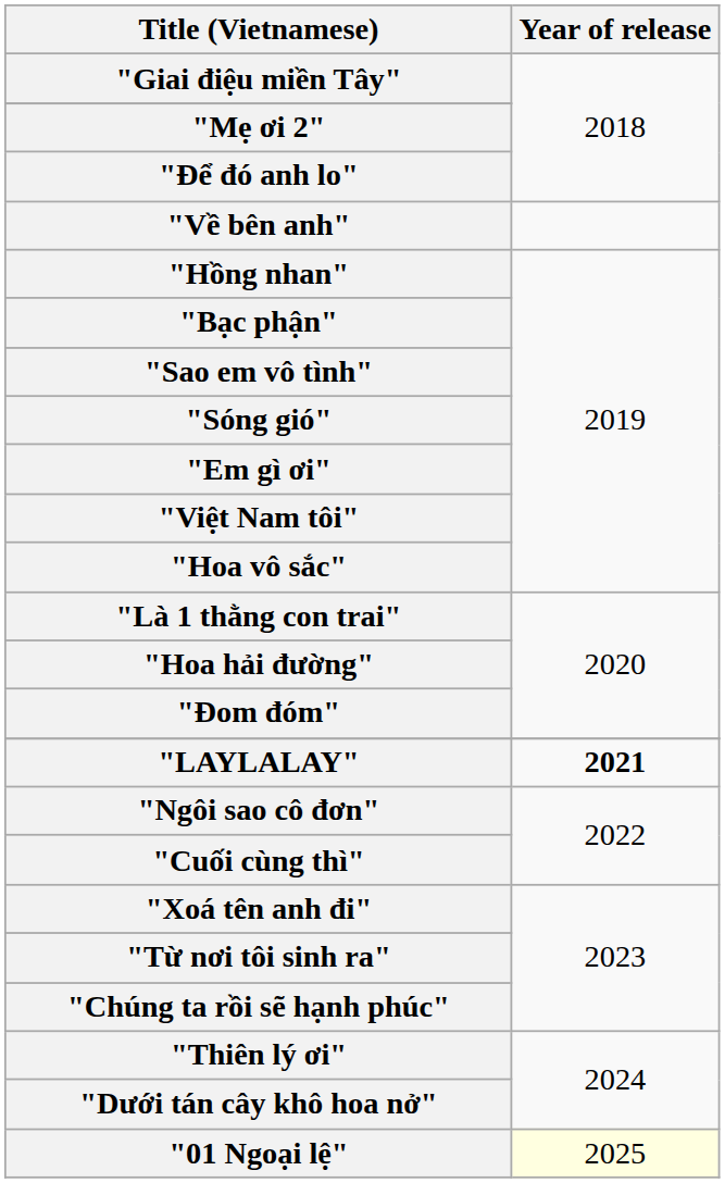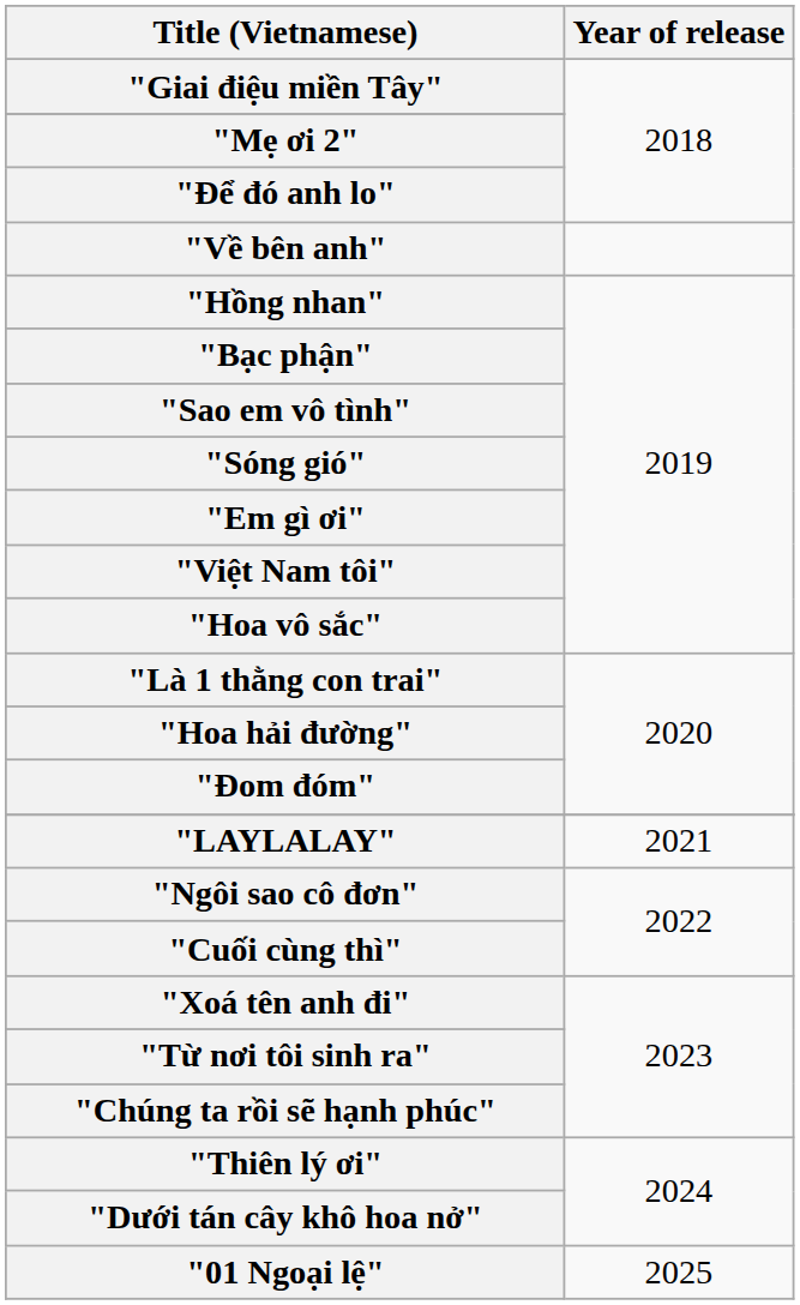 <table class="wikitable plainrowheaders" style="text-align:center;">
 <tr>
 <th scope="col" style="width:16em;">Title (Vietnamese)</th>
 <th scope="col">Year of release</th>
 </tr>
 <tr>
 <th scope="row">"Giai điệu miền Tây"</th>
 <td rowspan="4">2018</td>
 </tr>
 <tr>
 </tr>
 <tr>
 <th scope="row">"Mẹ ơi 2"</th>
 </tr>
 <tr>
 <th scope="row">"Để đó anh lo"</th>
 </tr>
 <tr>
 <th scope="row">"Về bên anh"</th>
 </tr>
 <tr>
 <th scope="row">"Hồng nhan"</th>
 <td rowspan="7">2019</td>
 </tr>
 <tr>
 <th scope="row">"Bạc phận"</th>
 </tr>
 <tr>
 <th scope="row">"Sao em vô tình"</th>
 </tr>
 <tr>
 <th scope="row">"Sóng gió"</th>
 </tr>
 <tr>
 <th scope="row">"Em gì ơi"</th>
 </tr>
 <tr>
 <th scope="row">"Việt Nam tôi"</th>
 </tr>
 <tr>
 <th scope="row">"Hoa vô sắc"</th>
 </tr>
 <tr>
 <th scope="row">"Là 1 thằng con trai"</th>
 <td rowspan="3">2020</td>
 </tr>
 <tr>
 <th scope="row">"Hoa hải đường"</th>
 </tr>
 <tr>
 <th scope="row">"Đom đóm"</th>
 </tr>
 <tr>
 </tr>
 <tr>
 <th scope="row">"LAYLALAY"</th>
-<td rowspan="1"><strong>2021</strong></td>
+<td rowspan="1">2021</td>
 </tr>
 <tr>
 <th scope="row">"Ngôi sao cô đơn"</th>
 <td rowspan="2">2022</td>
 </tr>
 <tr>
 <th scope="row">"Cuối cùng thì"</th>
 </tr>
 <tr>
 <th scope="row">"Xoá tên anh đi"</th>
 <td rowspan="3">2023</td>
 </tr>
 <tr>
 <th scope="row">"Từ nơi tôi sinh ra"</th>
 </tr>
 <tr>
 <th scope="row">"Chúng ta rồi sẽ hạnh phúc"</th>
 </tr>
 <tr>
 <th scope="row">"Thiên lý ơi"</th>
 <td rowspan="2">2024</td>
 </tr>
 <tr>
 <th scope="row">"Dưới tán cây khô hoa nở"</th>
 </tr>
 <tr>
 <th scope="row">"01 Ngoại lệ"</th>
-<td style="background: lightyellow;">2025</td>
+<td>2025</td>
 </tr>
 </table>
